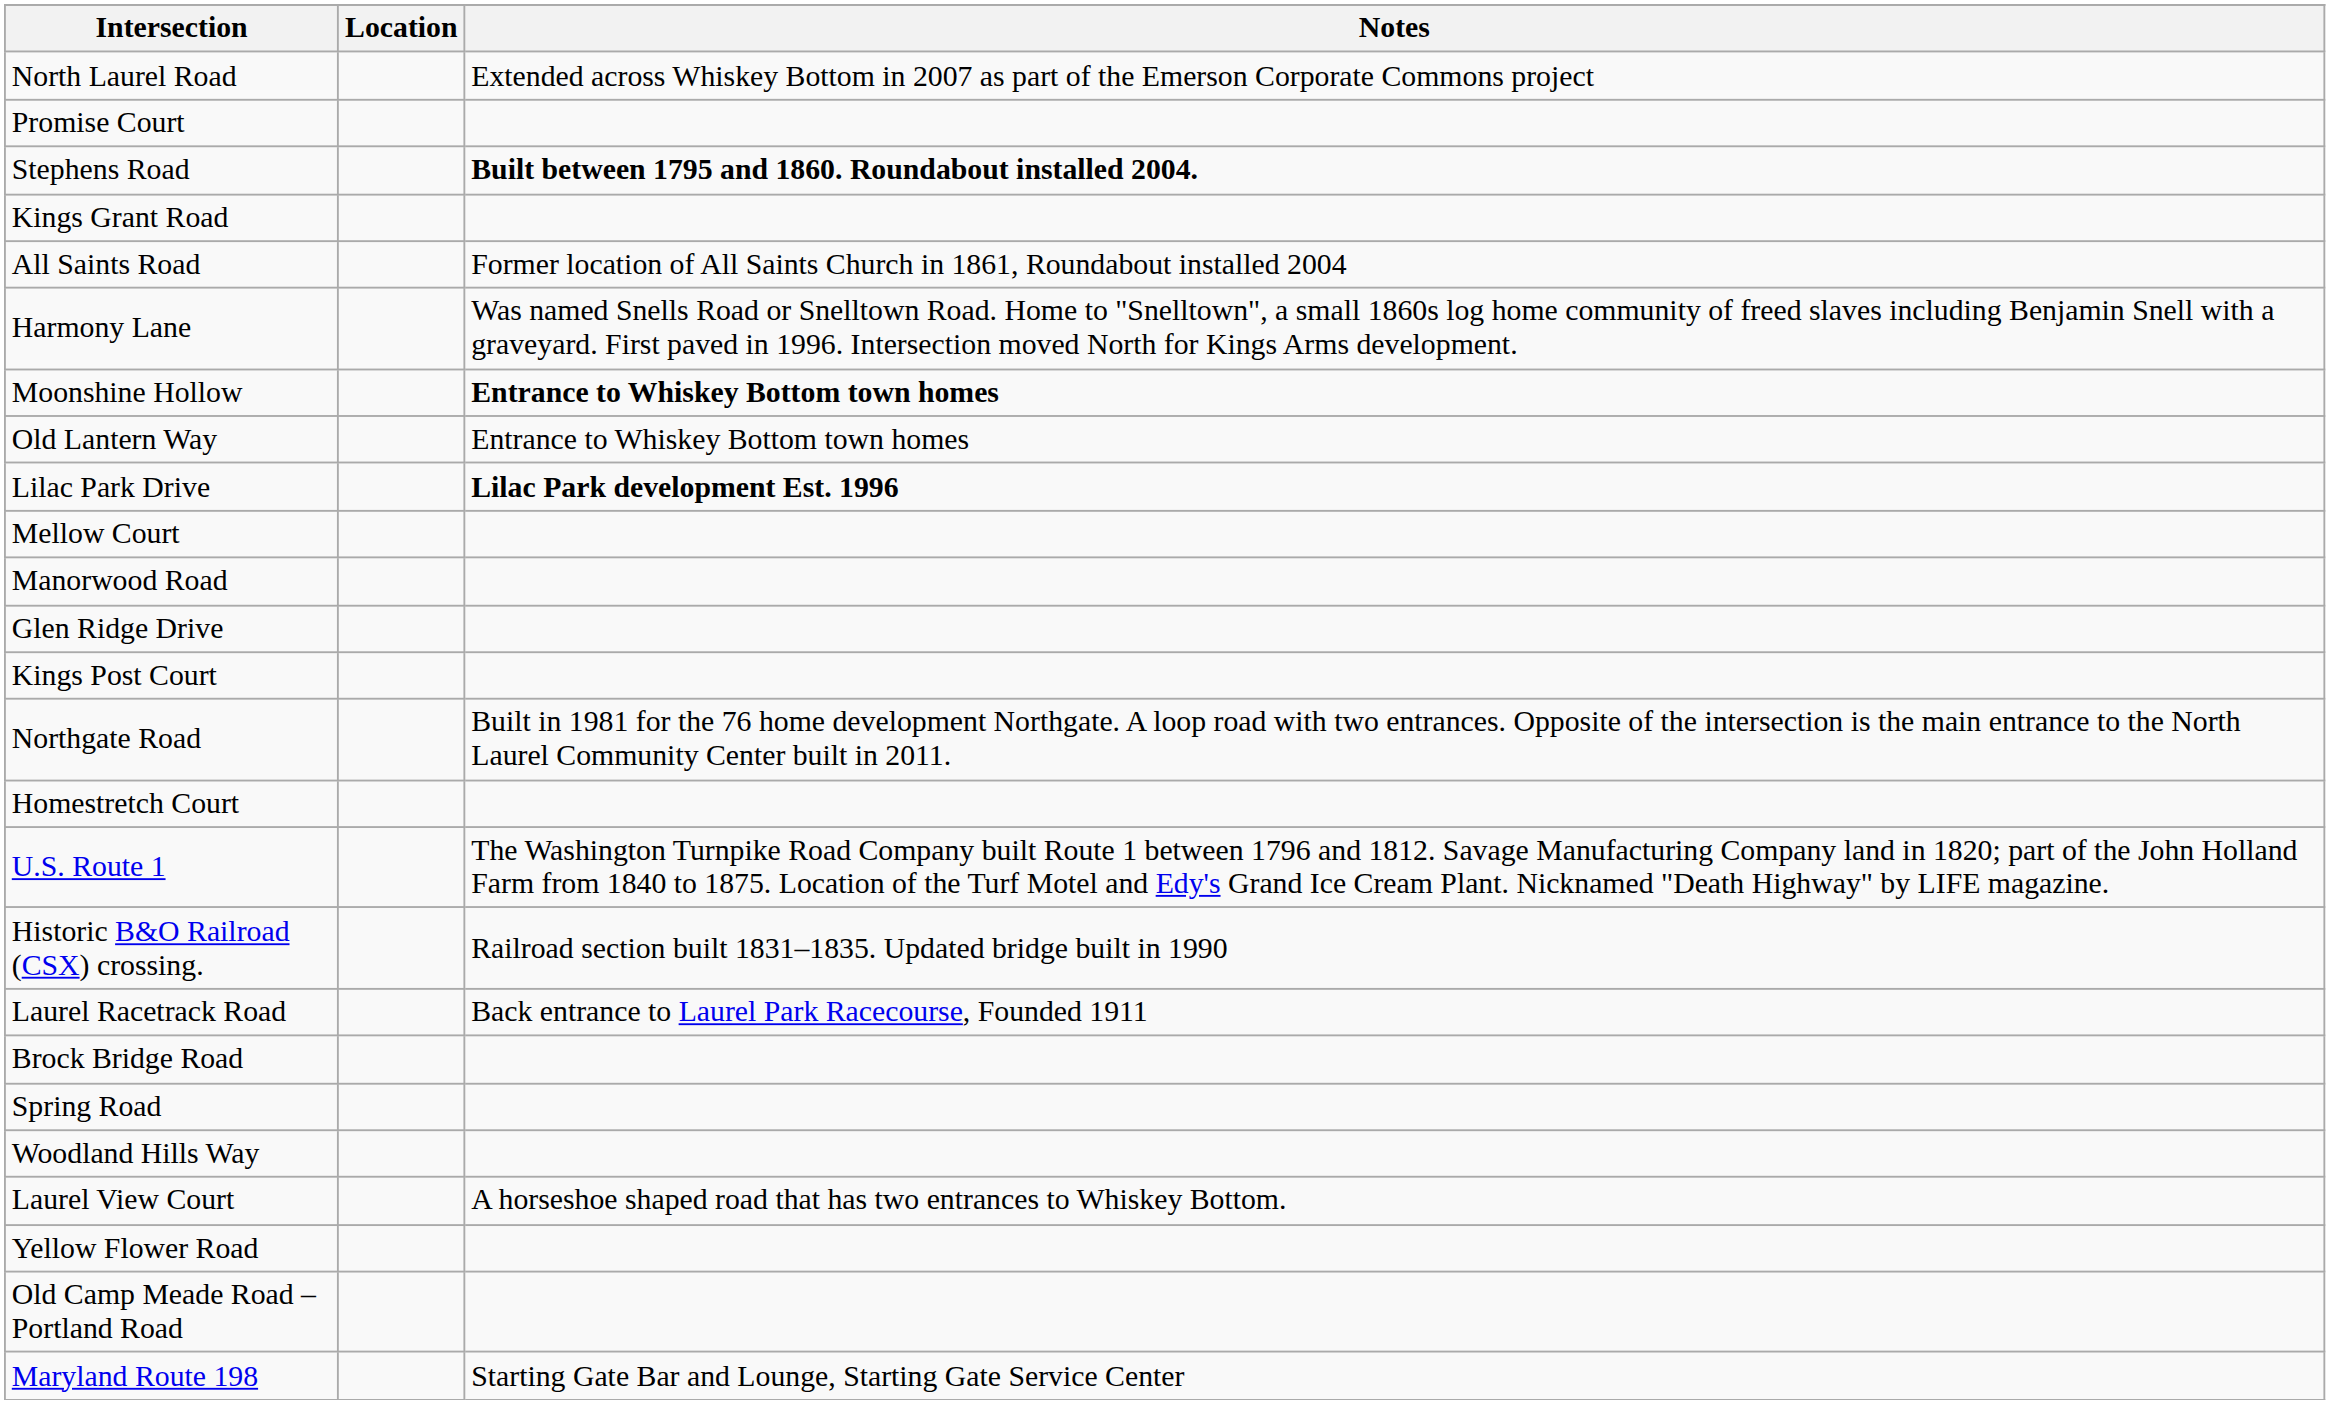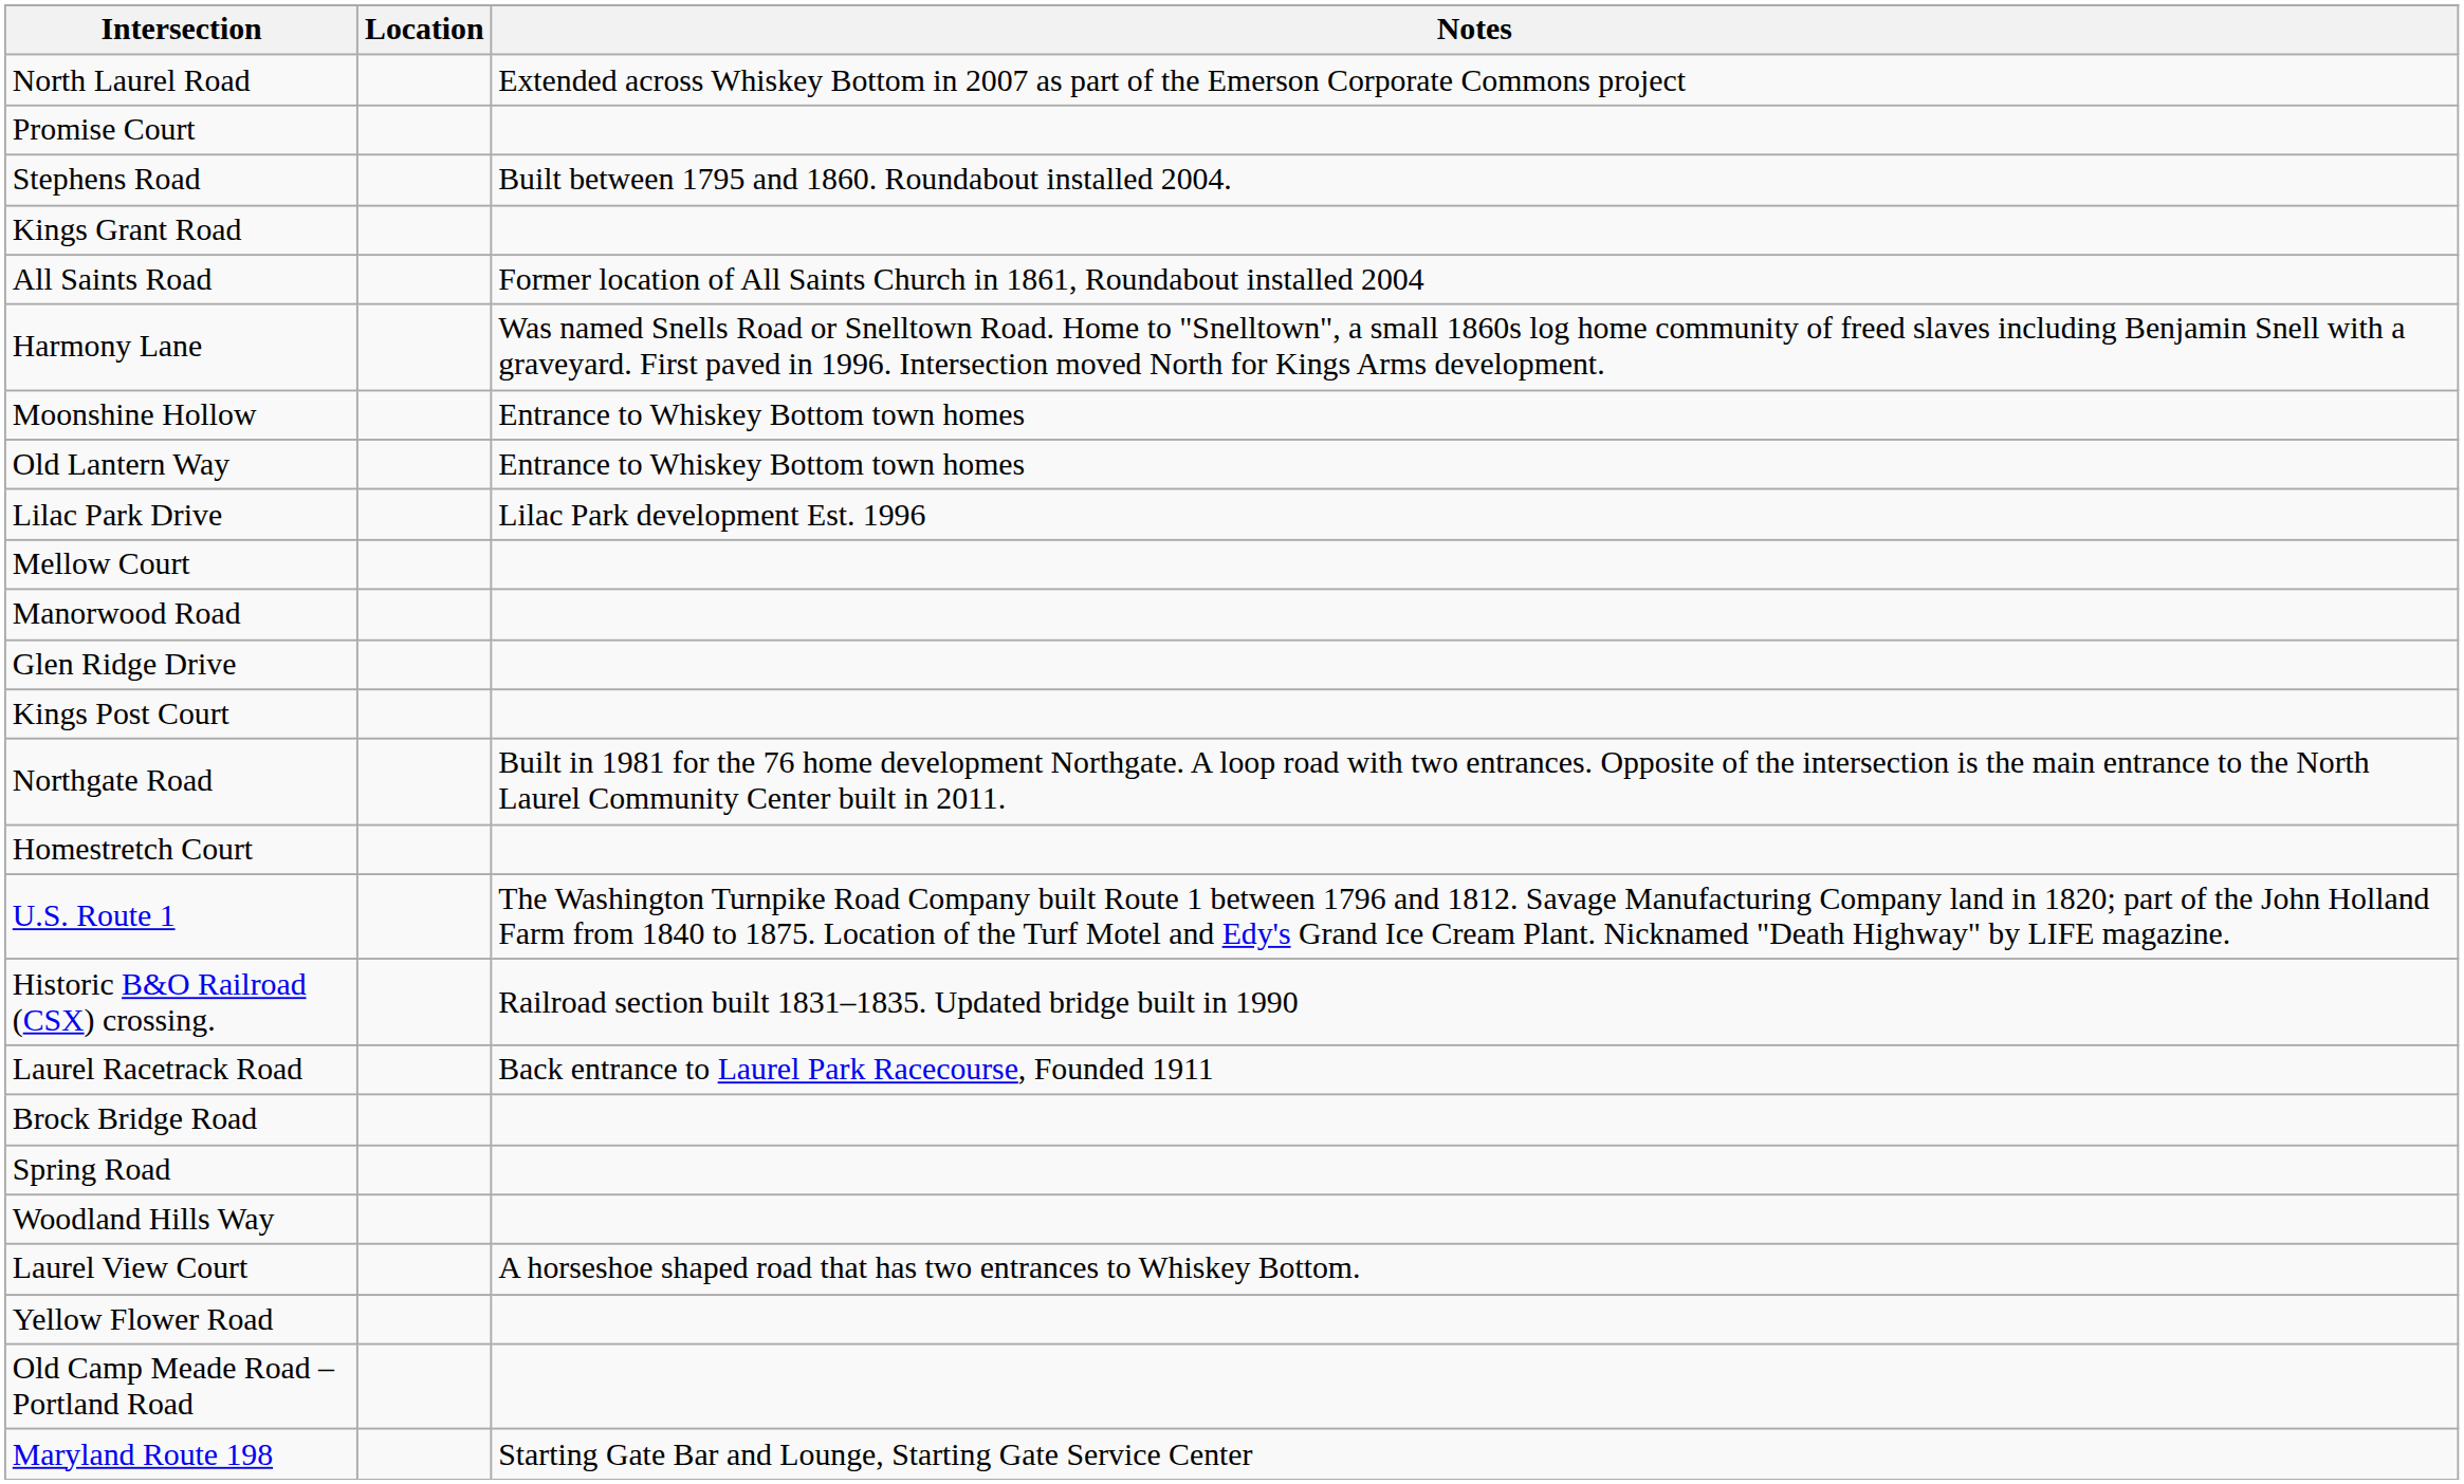 <table class="wikitable">
 <tr style="background-color:#DDDDDD;text-align:center;">
 </tr>
 <tr>
 <th>Intersection</th>
 <th>Location</th>
 <th>Notes</th>
 </tr>
 <tr>
 <td>North Laurel Road</td>
 <td></td>
 <td>Extended across Whiskey Bottom in 2007 as part of the Emerson Corporate Commons project</td>
 </tr>
 <tr>
 <td>Promise Court</td>
 <td></td>
 <td></td>
 </tr>
 <tr>
 <td>Stephens Road</td>
 <td></td>
-<td><strong>Built between 1795 and 1860. Roundabout installed 2004.</strong></td>
+<td>Built between 1795 and 1860. Roundabout installed 2004.</td>
 </tr>
 <tr>
 <td>Kings Grant Road</td>
 <td></td>
 <td></td>
 </tr>
 <tr>
 <td>All Saints Road</td>
 <td></td>
 <td>Former location of All Saints Church in 1861, Roundabout installed 2004</td>
 </tr>
 <tr>
 <td>Harmony Lane</td>
 <td></td>
 <td>Was named Snells Road or Snelltown Road. Home to "Snelltown", a small 1860s log home community of freed slaves including Benjamin Snell with a graveyard. First paved in 1996. Intersection moved North for Kings Arms development.</td>
 </tr>
 <tr>
 <td>Moonshine Hollow</td>
 <td></td>
-<td><strong>Entrance to Whiskey Bottom town homes</strong></td>
+<td>Entrance to Whiskey Bottom town homes</td>
 </tr>
 <tr>
 <td>Old Lantern Way</td>
 <td></td>
 <td>Entrance to Whiskey Bottom town homes</td>
 </tr>
 <tr>
 <td>Lilac Park Drive</td>
 <td></td>
-<td><strong>Lilac Park development Est. 1996</strong></td>
+<td>Lilac Park development Est. 1996</td>
 </tr>
 <tr>
 <td>Mellow Court</td>
 <td></td>
 <td></td>
 </tr>
 <tr>
 <td>Manorwood Road</td>
 <td></td>
 <td></td>
 </tr>
 <tr>
 <td>Glen Ridge Drive</td>
 <td></td>
 <td></td>
 </tr>
 <tr>
 <td>Kings Post Court</td>
 <td></td>
 <td></td>
 </tr>
 <tr>
 <td>Northgate Road</td>
 <td></td>
 <td>Built in 1981 for the 76 home development Northgate. A loop road with two entrances. Opposite of the intersection is the main entrance to the North Laurel Community Center built in 2011.</td>
 </tr>
 <tr>
 <td>Homestretch Court</td>
 <td></td>
 <td></td>
 </tr>
 <tr>
 <td> <a href='#'>U.S. Route 1</a></td>
 <td></td>
 <td>The Washington Turnpike Road Company built Route 1 between 1796 and 1812. Savage Manufacturing Company land in 1820; part of the John Holland Farm from 1840 to 1875. Location of the Turf Motel and <a href='#'>Edy's</a> Grand Ice Cream Plant. Nicknamed "Death Highway" by LIFE magazine.</td>
 </tr>
 <tr>
 <td> Historic <a href='#'>B&O Railroad</a> (<a href='#'>CSX</a>) crossing.</td>
 <td></td>
 <td>Railroad section built 1831–1835. Updated bridge built in 1990</td>
 </tr>
 <tr>
 <td>Laurel Racetrack Road</td>
 <td></td>
 <td>Back entrance to <a href='#'>Laurel Park Racecourse</a>, Founded 1911</td>
 </tr>
 <tr>
 <td>Brock Bridge Road</td>
 <td></td>
 <td></td>
 </tr>
 <tr>
 <td>Spring Road</td>
 <td></td>
 <td></td>
 </tr>
 <tr>
 <td>Woodland Hills Way</td>
 <td></td>
 <td></td>
 </tr>
 <tr>
 <td>Laurel View Court</td>
 <td></td>
 <td>A horseshoe shaped road that has two entrances to Whiskey Bottom.</td>
 </tr>
 <tr>
 <td>Yellow Flower Road</td>
 <td></td>
 <td></td>
 </tr>
 <tr>
 <td>Old Camp Meade Road – Portland Road</td>
 <td></td>
 <td></td>
 </tr>
 <tr>
 <td> <a href='#'>Maryland Route 198</a></td>
 <td></td>
 <td>Starting Gate Bar and Lounge, Starting Gate Service Center</td>
 </tr>
 </table>
